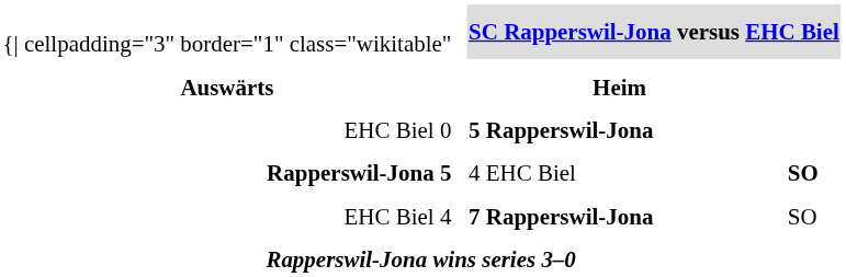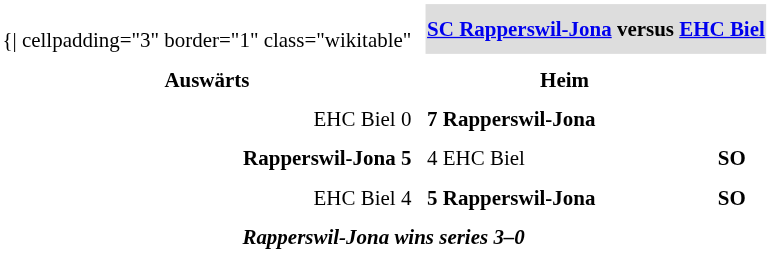 <table cellspacing="10">
 <tr>
 <td valign="top"><br>	{| cellpadding="3" border="1"  class="wikitable"</td>
 <th bgcolor="#DDDDDD" colspan="4"><a href='#'>SC Rapperswil-Jona</a> versus <a href='#'>EHC Biel</a></th>
 </tr>
 <tr>
 <th>Auswärts</th>
 <th>Heim</th>
 </tr>
 <tr>
 <td align = "right">EHC Biel 0</td>
-<td><strong>5 Rapperswil-Jona</strong></td>
+<td><strong>7 Rapperswil-Jona</strong></td>
 </tr>
 <tr>
 <td align = "right"><strong>Rapperswil-Jona 5</strong></td>
 <td>4 EHC Biel</td>
 <td><strong>SO</strong></td>
 </tr>
 <tr>
 <td align = "right">EHC Biel 4</td>
-<td><strong>7 Rapperswil-Jona</strong></td>
-<td>SO</td>
+<td><strong>5 Rapperswil-Jona</strong></td>
+<td><strong>SO</strong></td>
 </tr>
 <tr align="center">
 <td colspan="4"><strong><em>Rapperswil-Jona wins series 3–0</em></strong></td>
 </tr>
 </table>
